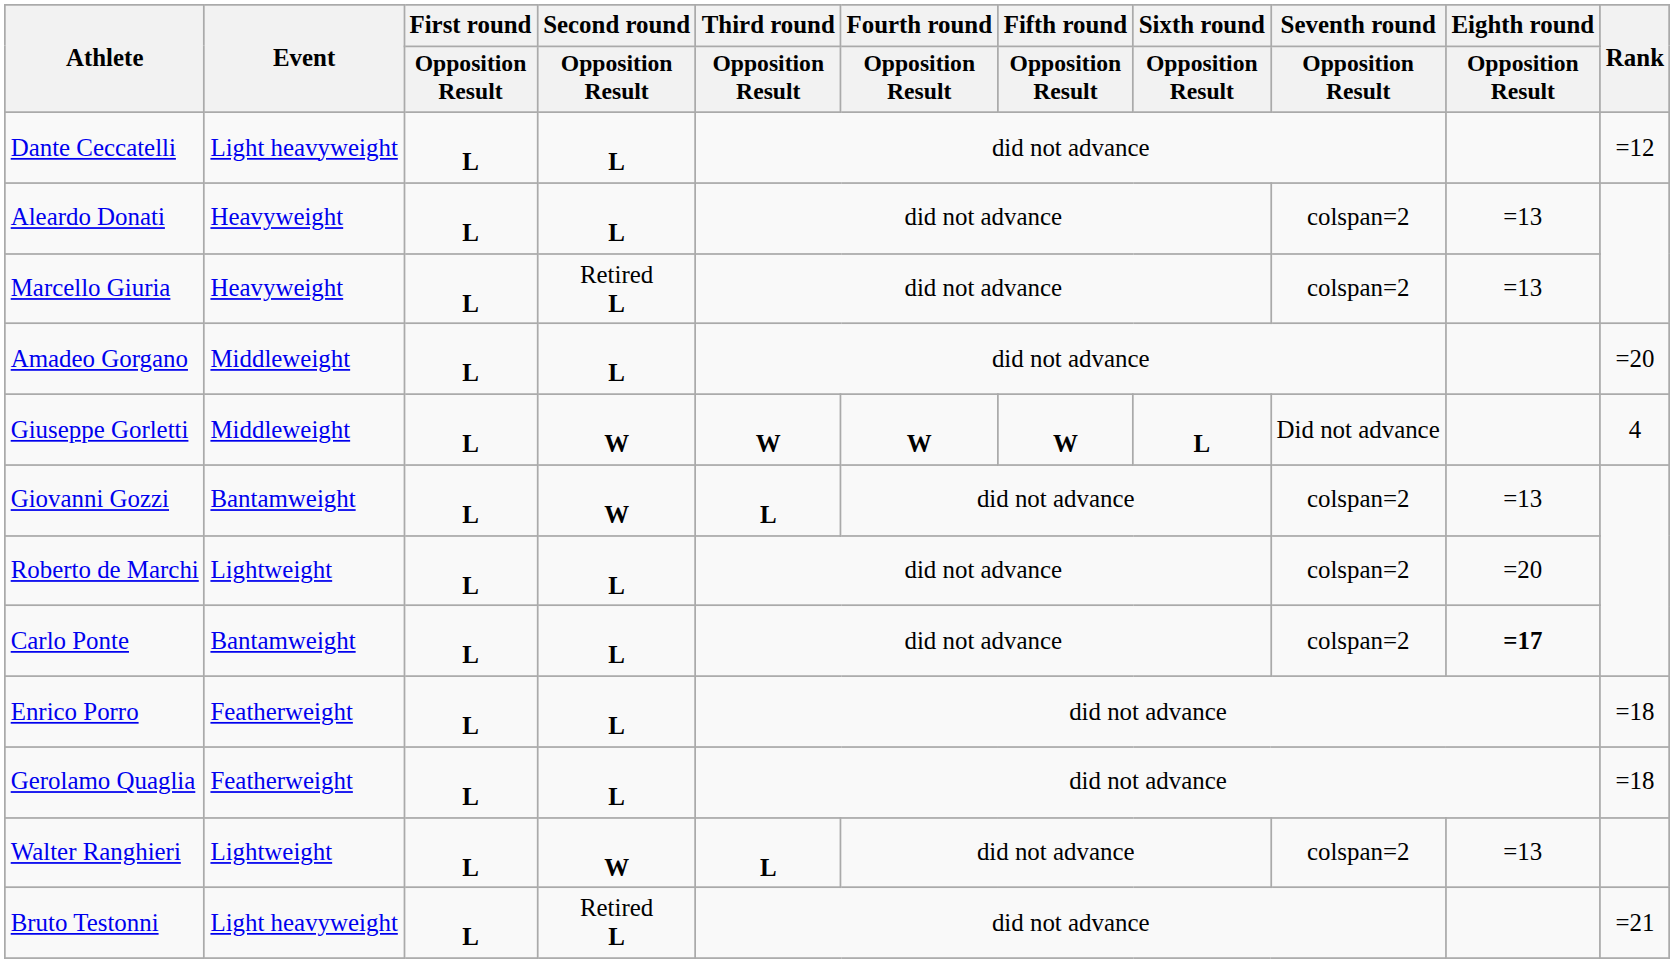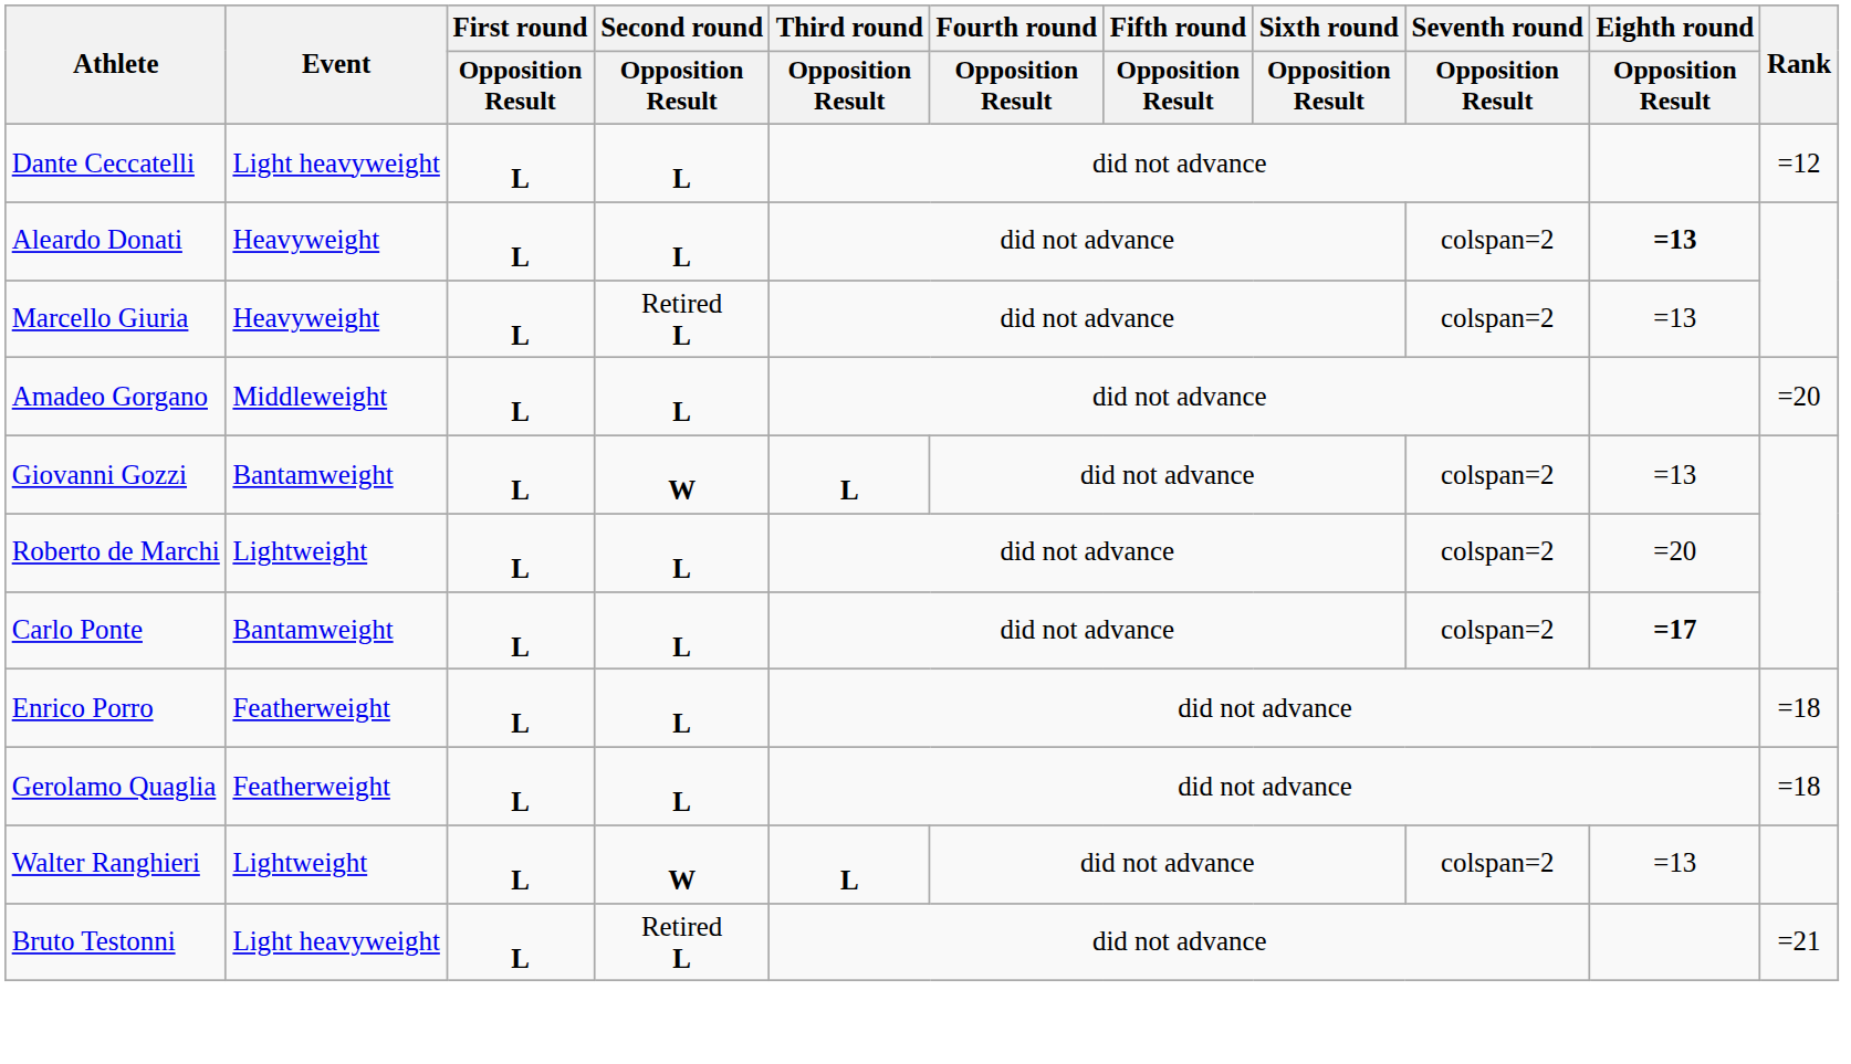 <table class="wikitable" style="font-size:90%;">
 <tr>
 <th rowspan=2>Athlete</th>
 <th rowspan=2>Event</th>
 <th>First round</th>
 <th>Second round</th>
 <th>Third round</th>
 <th>Fourth round</th>
 <th>Fifth round</th>
 <th>Sixth round</th>
 <th>Seventh round</th>
 <th>Eighth round</th>
 <th rowspan=2>Rank</th>
 </tr>
 <tr style="font-size: 95%">
 <th>Opposition<br>Result</th>
 <th>Opposition<br>Result</th>
 <th>Opposition<br>Result</th>
 <th>Opposition<br>Result</th>
 <th>Opposition<br>Result</th>
 <th>Opposition<br>Result</th>
 <th>Opposition<br>Result</th>
 <th>Opposition<br>Result</th>
 </tr>
 <tr align=center>
 <td align=left><a href='#'>Dante Ceccatelli</a></td>
 <td align=left><a href='#'>Light heavyweight</a></td>
 <td> <br> <strong>L</strong></td>
 <td> <br> <strong>L</strong></td>
 <td colspan=5>did not advance</td>
 <td></td>
 <td>=12</td>
 </tr>
 <tr align=center>
 <td align=left><a href='#'>Aleardo Donati</a></td>
 <td align=left><a href='#'>Heavyweight</a></td>
 <td> <br> <strong>L</strong></td>
 <td> <br> <strong>L</strong></td>
 <td colspan=4>did not advance</td>
 <td>colspan=2 </td>
-<td>=13</td>
+<td><strong>=13</strong></td>
 </tr>
 <tr align=center>
 <td align=left><a href='#'>Marcello Giuria</a></td>
 <td align=left><a href='#'>Heavyweight</a></td>
 <td> <br> <strong>L</strong></td>
 <td>Retired <br> <strong>L</strong></td>
 <td colspan=4>did not advance</td>
 <td>colspan=2 </td>
 <td>=13</td>
 </tr>
 <tr align=center>
 <td align=left><a href='#'>Amadeo Gorgano</a></td>
 <td align=left><a href='#'>Middleweight</a></td>
 <td> <br> <strong>L</strong></td>
 <td> <br> <strong>L</strong></td>
 <td colspan=5>did not advance</td>
 <td></td>
 <td>=20</td>
-</tr>
-<tr align=center>
-<td align=left><a href='#'>Giuseppe Gorletti</a></td>
-<td align=left><a href='#'>Middleweight</a></td>
-<td> <br> <strong>L</strong></td>
-<td> <br> <strong>W</strong></td>
-<td> <br> <strong>W</strong></td>
-<td> <br> <strong>W</strong></td>
-<td> <br> <strong>W</strong></td>
-<td> <br> <strong>L</strong></td>
-<td>Did not advance</td>
-<td></td>
-<td>4</td>
 </tr>
 <tr align=center>
 <td align=left><a href='#'>Giovanni Gozzi</a></td>
 <td align=left><a href='#'>Bantamweight</a></td>
 <td> <br> <strong>L</strong></td>
 <td> <br> <strong>W</strong></td>
 <td> <br> <strong>L</strong></td>
 <td colspan=3>did not advance</td>
 <td>colspan=2 </td>
 <td>=13</td>
 </tr>
 <tr align=center>
 <td align=left><a href='#'>Roberto de Marchi</a></td>
 <td align=left><a href='#'>Lightweight</a></td>
 <td> <br> <strong>L</strong></td>
 <td> <br> <strong>L</strong></td>
 <td colspan=4>did not advance</td>
 <td>colspan=2 </td>
 <td>=20</td>
 </tr>
 <tr align=center>
 <td align=left><a href='#'>Carlo Ponte</a></td>
 <td align=left><a href='#'>Bantamweight</a></td>
 <td> <br> <strong>L</strong></td>
 <td> <br> <strong>L</strong></td>
 <td colspan=4>did not advance</td>
 <td>colspan=2 </td>
 <td><strong>=17</strong></td>
 </tr>
 <tr align=center>
 <td align=left><a href='#'>Enrico Porro</a></td>
 <td align=left><a href='#'>Featherweight</a></td>
 <td> <br> <strong>L</strong></td>
 <td> <br> <strong>L</strong></td>
 <td colspan=6>did not advance</td>
 <td>=18</td>
 </tr>
 <tr align=center>
 <td align=left><a href='#'>Gerolamo Quaglia</a></td>
 <td align=left><a href='#'>Featherweight</a></td>
 <td> <br> <strong>L</strong></td>
 <td> <br> <strong>L</strong></td>
 <td colspan=6>did not advance</td>
 <td>=18</td>
 </tr>
 <tr align=center>
 <td align=left><a href='#'>Walter Ranghieri</a></td>
 <td align=left><a href='#'>Lightweight</a></td>
 <td> <br> <strong>L</strong></td>
 <td> <br> <strong>W</strong></td>
 <td> <br> <strong>L</strong></td>
 <td colspan=3>did not advance</td>
 <td>colspan=2 </td>
 <td>=13</td>
 </tr>
 <tr align=center>
 <td align=left><a href='#'>Bruto Testonni</a></td>
 <td align=left><a href='#'>Light heavyweight</a></td>
 <td> <br> <strong>L</strong></td>
 <td>Retired <br> <strong>L</strong></td>
 <td colspan=5>did not advance</td>
 <td></td>
 <td>=21</td>
 </tr>
 </table>
